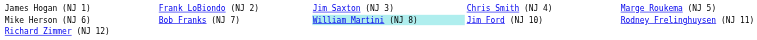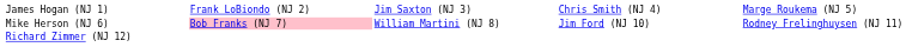 <table width="100%">
 <tr>
 <td width="20%">James Hogan (NJ 1)</td>
 <td width="20%"><a href='#'>Frank LoBiondo</a> (NJ 2)</td>
 <td width="20%"><a href='#'>Jim Saxton</a> (NJ 3)</td>
 <td width="20%"><a href='#'>Chris Smith</a> (NJ 4)</td>
 <td width="20%"><a href='#'>Marge Roukema</a> (NJ 5)</td>
 </tr>
 <tr>
 <td>Mike Herson (NJ 6)</td>
-<td><a href='#'>Bob Franks</a> (NJ 7)</td>
-<td style="background: paleturquoise;"><a href='#'>William Martini</a> (NJ 8)</td>
+<td style="background: pink;"><a href='#'>Bob Franks</a> (NJ 7)</td>
+<td><a href='#'>William Martini</a> (NJ 8)</td>
 <td><a href='#'>Jim Ford</a> (NJ 10)</td>
 <td><a href='#'>Rodney Frelinghuysen</a> (NJ 11)</td>
 </tr>
 <tr>
 <td><a href='#'>Richard Zimmer</a> (NJ 12)</td>
 </tr>
 </table>
